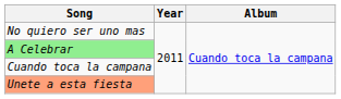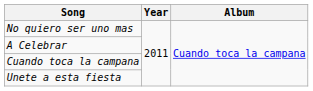 <table class="wikitable">
 <tr>
 <th>Song</th>
 <th>Year</th>
 <th>Album</th>
 </tr>
 <tr>
 <td><em>No quiero ser uno mas</em></td>
 <td rowspan="4">2011</td>
 <td rowspan="4"><a href='#'>Cuando toca la campana</a></td>
 </tr>
 <tr>
-<td style="background: lightgreen;"><em>A Celebrar</em></td>
+<td><em>A Celebrar</em></td>
 </tr>
 <tr>
 <td><em>Cuando toca la campana</em></td>
 </tr>
 <tr>
-<td style="background: lightsalmon;"><em>Unete a esta fiesta</em></td>
+<td><em>Unete a esta fiesta</em></td>
 </tr>
 </table>
